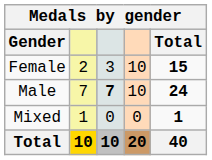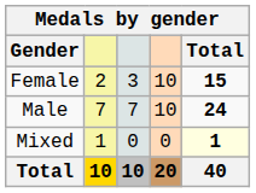 <table class="wikitable" style="font-size:85%;">
 <tr style="background:#efefef;">
 <th colspan=6>Medals by gender</th>
 </tr>
 <tr align=center>
 <th>Gender</th>
 <td bgcolor=F7F6A8></td>
 <td bgcolor=DCE5E5></td>
 <td bgcolor=FFDAB9></td>
 <th>Total</th>
 </tr>
 <tr align=center>
 <td>Female</td>
 <td bgcolor=F7F6A8>2</td>
 <td bgcolor=DCE5E5>3</td>
 <td bgcolor=FFDAB9>10</td>
 <td><strong>15</strong></td>
 </tr>
 <tr align=center>
 <td>Male</td>
 <td bgcolor=F7F6A8>7</td>
-<td bgcolor=DCE5E5><strong>7</strong></td>
+<td bgcolor=DCE5E5>7</td>
 <td bgcolor=FFDAB9>10</td>
 <td><strong>24</strong></td>
 </tr>
 <tr align=center>
 <td>Mixed</td>
 <td bgcolor=F7F6A8>1</td>
 <td bgcolor=DCE5E5>0</td>
 <td bgcolor=FFDAB9>0</td>
-<td><strong>1</strong></td>
+<td style="background: lightyellow;"><strong>1</strong></td>
 </tr>
 <tr align=center>
 <th>Total</th>
 <th style=background:gold>10</th>
 <th style=background:silver>10</th>
 <th style=background:#c96>20</th>
 <th>40</th>
 </tr>
 </table>
